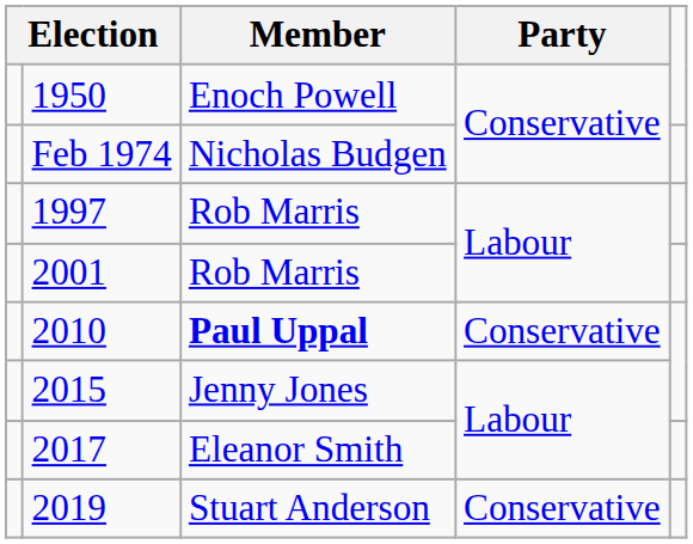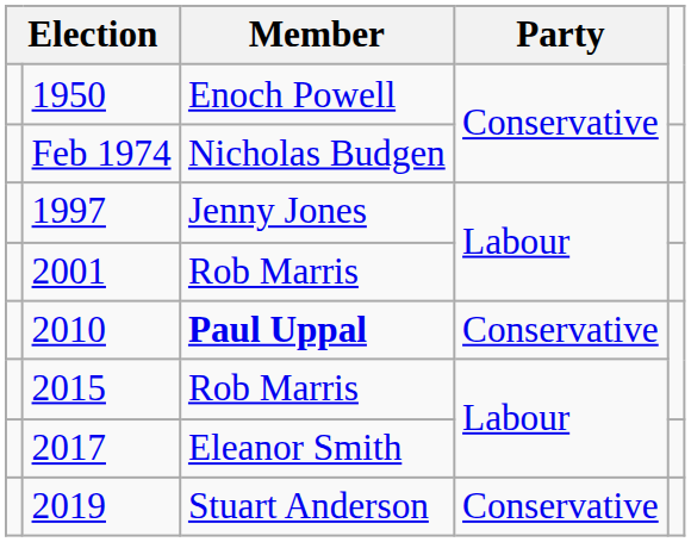 <table class="wikitable">
 <tr>
 <th colspan="2">Election</th>
 <th>Member</th>
 <th>Party</th>
 </tr>
 <tr>
 <td style="color:inherit;background-color: "></td>
 <td><a href='#'>1950</a></td>
 <td><a href='#'>Enoch Powell</a></td>
 <td rowspan="2"><a href='#'>Conservative</a></td>
 </tr>
 <tr>
 <td style="color:inherit;background-color: "></td>
 <td><a href='#'>Feb 1974</a></td>
 <td><a href='#'>Nicholas Budgen</a></td>
 <td></td>
 </tr>
 <tr>
 <td style="color:inherit;background-color: "></td>
 <td><a href='#'>1997</a></td>
-<td><a href='#'>Rob Marris</a></td>
+<td><a href='#'>Jenny Jones</a></td>
 <td rowspan="2"><a href='#'>Labour</a></td>
 </tr>
 <tr>
 <td style="color:inherit;background-color: "></td>
 <td><a href='#'>2001</a></td>
 <td><a href='#'>Rob Marris</a></td>
 <td></td>
 </tr>
 <tr>
 <td style="color:inherit;background-color: "></td>
 <td><a href='#'>2010</a></td>
 <td><strong><a href='#'>Paul Uppal</a></strong></td>
 <td><a href='#'>Conservative</a></td>
 </tr>
 <tr>
 <td style="color:inherit;background-color: "></td>
 <td><a href='#'>2015</a></td>
-<td><a href='#'>Jenny Jones</a></td>
+<td><a href='#'>Rob Marris</a></td>
 <td rowspan="2"><a href='#'>Labour</a></td>
 </tr>
 <tr>
 <td style="color:inherit;background-color: "></td>
 <td><a href='#'>2017</a></td>
 <td><a href='#'>Eleanor Smith</a></td>
 <td></td>
 </tr>
 <tr>
 <td style="color:inherit;background-color: "></td>
 <td><a href='#'>2019</a></td>
 <td><a href='#'>Stuart Anderson</a></td>
 <td><a href='#'>Conservative</a></td>
 </tr>
 </table>
